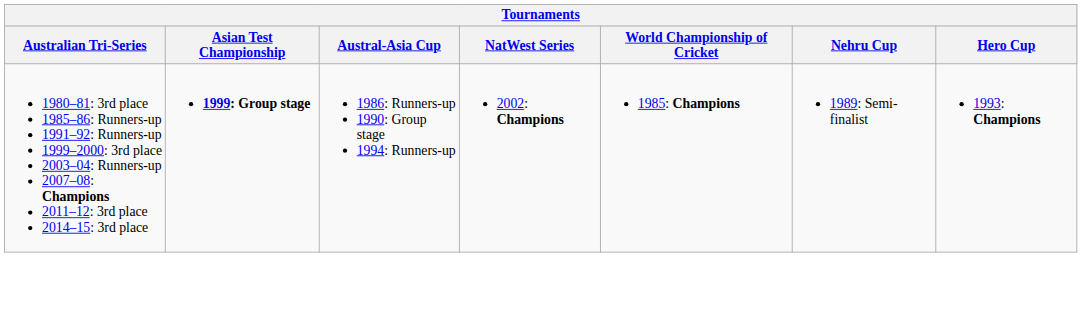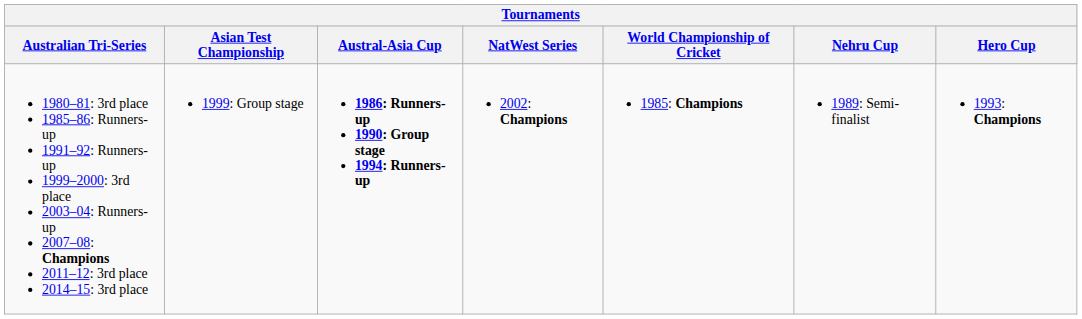 <table class="wikitable">
 <tr style="background:#ccc;">
 <th colspan=7><a href='#'>Tournaments</a></th>
 </tr>
 <tr style="background:#ccc;">
 <th><a href='#'>Australian Tri-Series</a></th>
 <th><a href='#'>Asian Test Championship</a></th>
 <th><a href='#'>Austral-Asia Cup</a></th>
 <th><a href='#'>NatWest Series</a></th>
 <th><a href='#'>World Championship of Cricket</a></th>
 <th><a href='#'>Nehru Cup</a></th>
 <th><a href='#'>Hero Cup</a></th>
 </tr>
 <tr>
 <td style="vertical-align:top;"><br><ul><li> <a href='#'>1980–81</a>: 3rd place</li><li> <a href='#'>1985–86</a>: Runners-up</li><li> <a href='#'>1991–92</a>: Runners-up</li><li> <a href='#'>1999–2000</a>: 3rd place</li><li> <a href='#'>2003–04</a>: Runners-up</li><li> <a href='#'>2007–08</a>: <strong>Champions</strong></li><li> <a href='#'>2011–12</a>: 3rd place</li><li> <a href='#'>2014–15</a>: 3rd place</li></ul></td>
-<td style="vertical-align:top;"><strong><br><ul><li>   <a href='#'>1999</a>: Group stage</li></ul></strong></td>
-<td style="vertical-align:top;"><br><ul><li> <a href='#'>1986</a>: Runners-up</li><li> <a href='#'>1990</a>: Group stage</li><li> <a href='#'>1994</a>: Runners-up</li></ul></td>
+<td style="vertical-align:top;"><br><ul><li>   <a href='#'>1999</a>: Group stage</li></ul></td>
+<td style="vertical-align:top;"><strong><br><ul><li> <a href='#'>1986</a>: Runners-up</li><li> <a href='#'>1990</a>: Group stage</li><li> <a href='#'>1994</a>: Runners-up</li></ul></strong></td>
 <td style="vertical-align:top;"><br><ul><li> <a href='#'>2002</a>: <strong>Champions</strong></li></ul></td>
 <td style="vertical-align:top;"><br><ul><li> <a href='#'>1985</a>: <strong>Champions</strong></li></ul></td>
 <td style="vertical-align:top;"><br><ul><li> <a href='#'>1989</a>: Semi-finalist</li></ul></td>
 <td style="vertical-align:top;"><br><ul><li> <a href='#'>1993</a>: <strong>Champions</strong></li></ul></td>
 </tr>
 </table>
